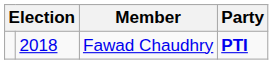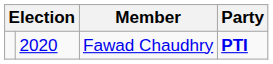 <table class="wikitable">
 <tr>
 <th colspan="2">Election</th>
 <th>Member</th>
 <th>Party</th>
 </tr>
 <tr>
 <td style="background-color: "></td>
-<td><a href='#'>2018</a></td>
+<td><a href='#'>2020</a></td>
 <td><a href='#'>Fawad Chaudhry</a></td>
 <td><strong><a href='#'>PTI</a></strong></td>
 </tr>
 </table>
